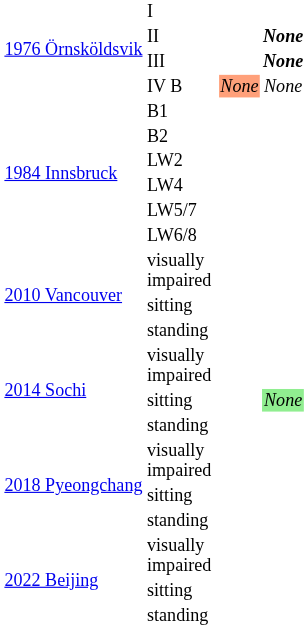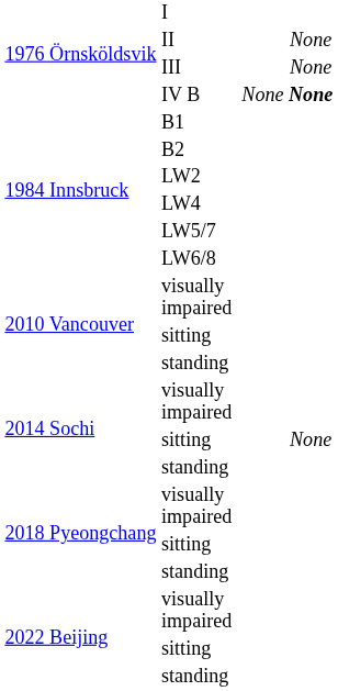 <table>
 <tr>
 <td rowspan="4"><a href='#'>1976 Örnsköldsvik</a><br></td>
 <td>I</td>
 <td></td>
 <td></td>
 <td></td>
 </tr>
 <tr>
 <td>II</td>
 <td></td>
 <td></td>
-<td align="center"><strong><em>None</em></strong></td>
+<td align="center"><em>None</em></td>
 </tr>
 <tr>
 <td>III</td>
 <td></td>
 <td></td>
-<td align="center"><strong><em>None</em></strong></td>
+<td align="center"><em>None</em></td>
 </tr>
 <tr>
 <td>IV B</td>
 <td></td>
-<td align="center" style="background: lightsalmon;"><em>None</em></td>
 <td align="center"><em>None</em></td>
+<td align="center"><strong><em>None</em></strong></td>
 </tr>
 <tr>
 <td rowspan="6"><a href='#'>1984 Innsbruck</a><br></td>
 <td>B1</td>
 <td></td>
 <td></td>
 <td></td>
 </tr>
 <tr>
 <td>B2</td>
 <td></td>
 <td></td>
 <td></td>
 </tr>
 <tr>
 <td>LW2</td>
 <td></td>
 <td></td>
 <td></td>
 </tr>
 <tr>
 <td>LW4</td>
 <td></td>
 <td></td>
 <td></td>
 </tr>
 <tr>
 <td>LW5/7</td>
 <td></td>
 <td></td>
 <td></td>
 </tr>
 <tr>
 <td>LW6/8</td>
 <td></td>
 <td></td>
 <td></td>
 </tr>
 <tr>
 <td rowspan="3"><a href='#'>2010 Vancouver</a><br></td>
 <td>visually <br>impaired</td>
 <td></td>
 <td></td>
 <td></td>
 </tr>
 <tr>
 <td>sitting</td>
 <td></td>
 <td></td>
 <td></td>
 </tr>
 <tr>
 <td>standing</td>
 <td></td>
 <td></td>
 <td></td>
 </tr>
 <tr>
 <td rowspan="3"><a href='#'>2014 Sochi</a><br></td>
 <td>visually <br>impaired</td>
 <td></td>
 <td></td>
 <td></td>
 </tr>
 <tr>
 <td>sitting</td>
 <td></td>
 <td></td>
-<td align="center" style="background: lightgreen;"><em>None</em></td>
+<td align="center"><em>None</em></td>
 </tr>
 <tr>
 <td>standing</td>
 <td></td>
 <td></td>
 <td></td>
 </tr>
 <tr>
 <td rowspan="3"><a href='#'>2018 Pyeongchang</a><br></td>
 <td>visually <br>impaired</td>
 <td></td>
 <td></td>
 <td></td>
 </tr>
 <tr>
 <td>sitting</td>
 <td></td>
 <td></td>
 <td></td>
 </tr>
 <tr>
 <td>standing</td>
 <td></td>
 <td></td>
 <td></td>
 </tr>
 <tr>
 <td rowspan="3"><a href='#'>2022 Beijing</a><br></td>
 <td>visually <br>impaired</td>
 <td></td>
 <td></td>
 <td></td>
 </tr>
 <tr>
 <td>sitting</td>
 <td></td>
 <td></td>
 <td></td>
 </tr>
 <tr>
 <td>standing</td>
 <td></td>
 <td></td>
 <td></td>
 </tr>
 </table>
